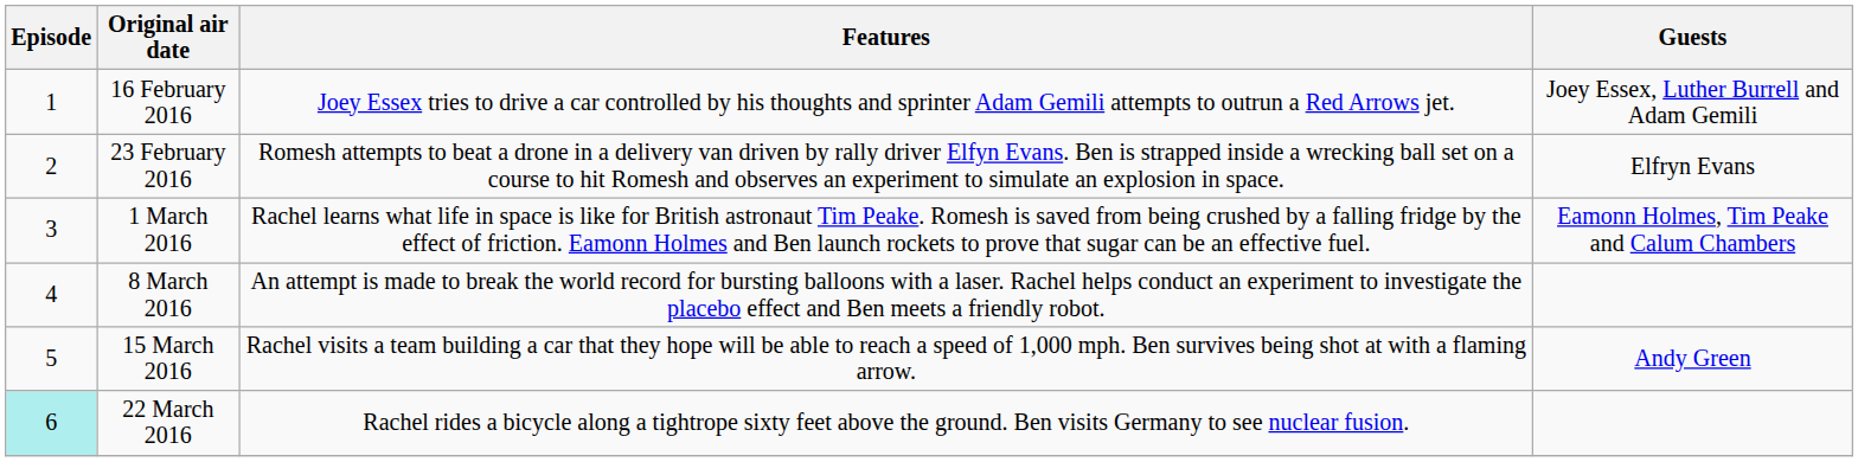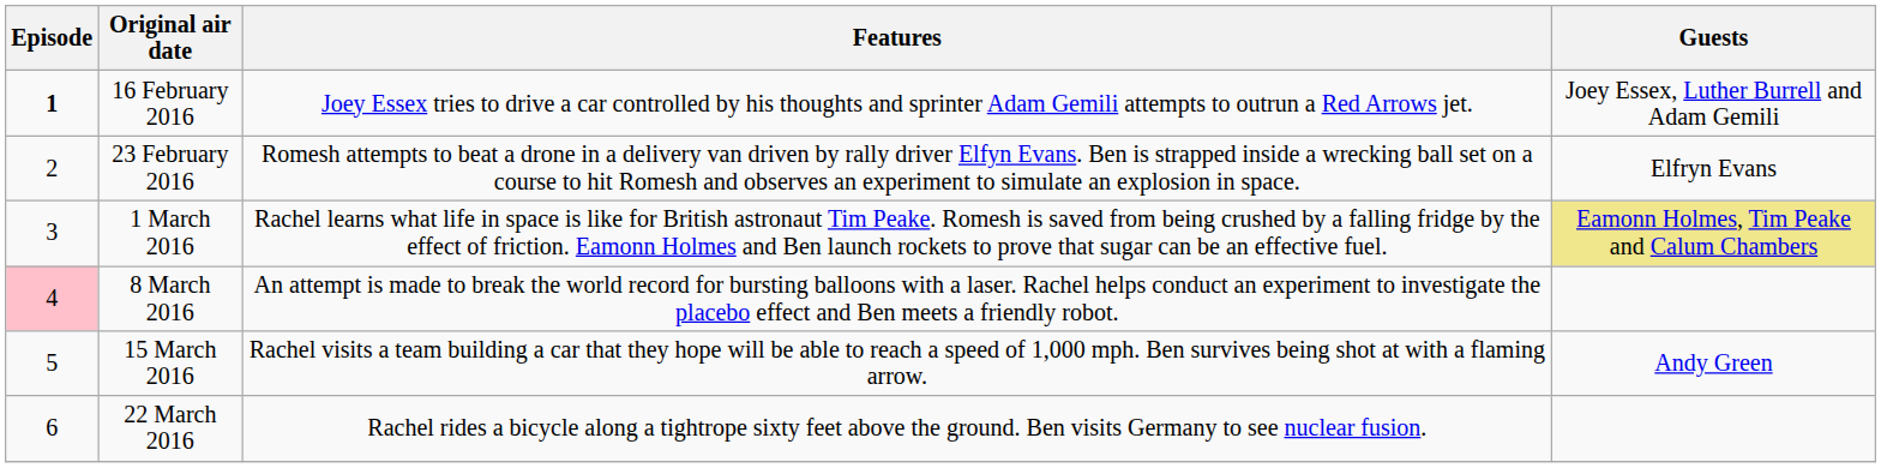 <table class="wikitable" style="text-align:center;">
 <tr>
 <th>Episode</th>
 <th>Original air date</th>
 <th>Features</th>
 <th>Guests</th>
 </tr>
 <tr>
-<td>1</td>
+<td><strong>1</strong></td>
 <td>16 February 2016</td>
 <td><a href='#'>Joey Essex</a> tries to drive a car controlled by his thoughts and sprinter <a href='#'>Adam Gemili</a> attempts to outrun a <a href='#'>Red Arrows</a> jet.</td>
 <td>Joey Essex, <a href='#'>Luther Burrell</a> and Adam Gemili</td>
 </tr>
 <tr>
 <td>2</td>
 <td>23 February 2016</td>
 <td>Romesh attempts to beat a drone in a delivery van driven by rally driver <a href='#'>Elfyn Evans</a>. Ben is strapped inside a wrecking ball set on a course to hit Romesh and observes an experiment to simulate an explosion in space.</td>
 <td>Elfryn Evans</td>
 </tr>
 <tr>
 <td>3</td>
 <td>1 March 2016</td>
 <td>Rachel learns what life in space is like for British astronaut <a href='#'>Tim Peake</a>. Romesh is saved from being crushed by a falling fridge by the effect of friction. <a href='#'>Eamonn Holmes</a> and Ben launch rockets to prove that sugar can be an effective fuel.</td>
-<td><a href='#'>Eamonn Holmes</a>, <a href='#'>Tim Peake</a> and <a href='#'>Calum Chambers</a></td>
+<td style="background: khaki;"><a href='#'>Eamonn Holmes</a>, <a href='#'>Tim Peake</a> and <a href='#'>Calum Chambers</a></td>
 </tr>
 <tr>
-<td>4</td>
+<td style="background: pink;">4</td>
 <td>8 March 2016</td>
 <td>An attempt is made to break the world record for bursting balloons with a laser. Rachel helps conduct an experiment to investigate the <a href='#'>placebo</a> effect and Ben meets a friendly robot.</td>
 <td></td>
 </tr>
 <tr>
 <td>5</td>
 <td>15 March 2016</td>
 <td>Rachel visits a team building a car that they hope will be able to reach a speed of 1,000 mph. Ben survives being shot at with a flaming arrow.</td>
 <td><a href='#'>Andy Green</a></td>
 </tr>
 <tr>
-<td style="background: paleturquoise;">6</td>
+<td>6</td>
 <td>22 March 2016</td>
 <td>Rachel rides a bicycle along a tightrope sixty feet above the ground. Ben visits Germany to see <a href='#'>nuclear fusion</a>.</td>
 <td></td>
 </tr>
 <tr>
 </tr>
 </table>
